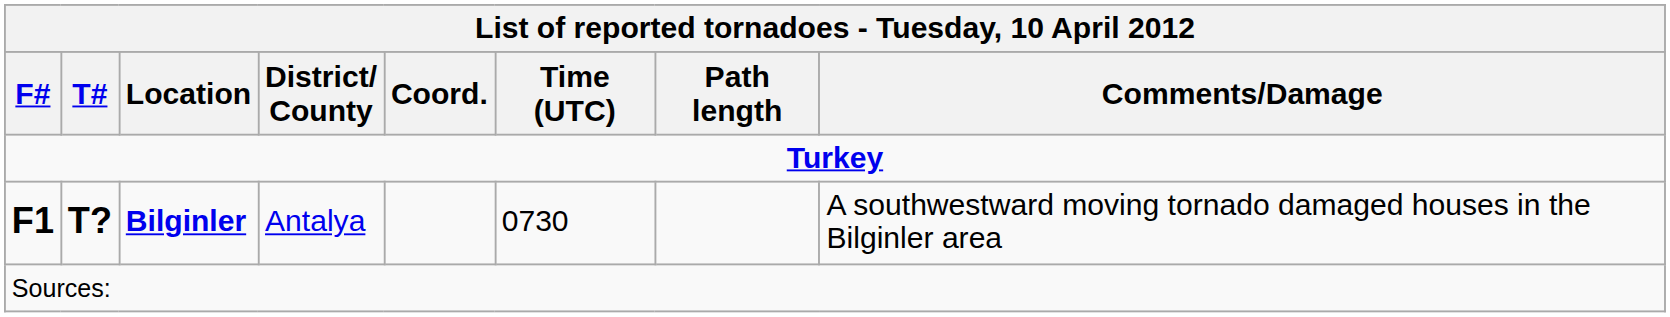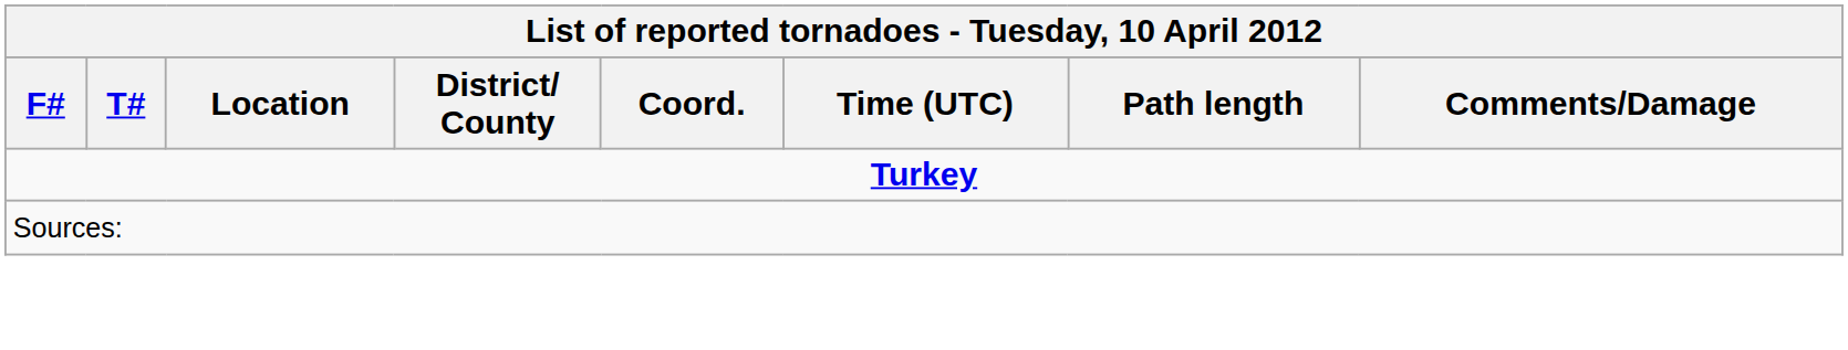 <table class="wikitable collapsible" width="100%">
 <tr>
 <th colspan="8">List of reported tornadoes - Tuesday, 10 April 2012</th>
 </tr>
 <tr>
 <th><a href='#'>F#</a></th>
 <th><a href='#'>T#</a></th>
 <th>Location</th>
 <th>District/<br>County</th>
 <th>Coord.</th>
 <th>Time (UTC)</th>
 <th>Path length</th>
 <th>Comments/Damage</th>
 </tr>
 <tr>
 <td colspan="8" align=center><strong><a href='#'>Turkey</a></strong></td>
 </tr>
 <tr>
-<td><big><strong>F1</strong></big></td>
-<td><big><strong>T?</strong></big></td>
-<td><strong><a href='#'>Bilginler</a></strong></td>
-<td><a href='#'>Antalya</a></td>
-<td></td>
-<td>0730</td>
-<td></td>
-<td>A southwestward moving tornado damaged houses in the Bilginler area</td>
-</tr>
-<tr>
 <td colspan="8"><small>Sources:  </small></td>
 </tr>
 </table>
